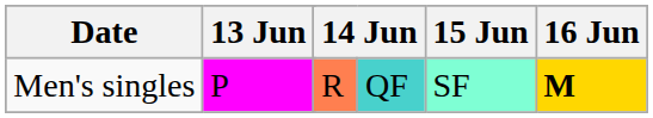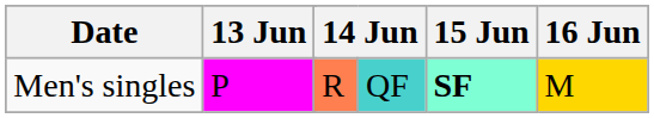 <table class="wikitable olympic-schedule Badminton">
 <tr>
 <th>Date</th>
 <th colspan="2">13 Jun</th>
 <th colspan="2">14 Jun</th>
 <th>15 Jun</th>
 <th>16 Jun</th>
 </tr>
 <tr>
 <td class="event">Men's singles</td>
 <td colspan="2" bgcolor="#FF00FF" class="prelims">P</td>
 <td bgcolor="#FF7F50" class="roundof16">R</td>
 <td bgcolor="#48D1CC" class="quarterfinals">QF</td>
-<td bgcolor="#7FFFD4" class="semifinals">SF</td>
-<td bgcolor="gold" class="finals"><strong>M</strong></td>
+<td bgcolor="#7FFFD4" class="semifinals"><strong>SF</strong></td>
+<td bgcolor="gold" class="finals">M</td>
 </tr>
 </table>
